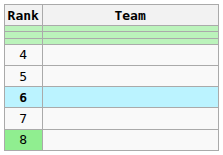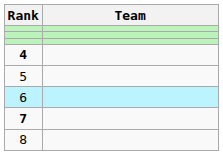 <table class="wikitable">
 <tr>
 <th>Rank</th>
 <th style="width:170px;">Team</th>
 </tr>
 <tr style="background:#bbf3bb;">
 <td align=center></td>
 <td></td>
 </tr>
 <tr style="background:#bbf3bb;">
 <td align=center></td>
 <td></td>
 </tr>
 <tr style="background:#bbf3bb;">
 <td align=center></td>
 <td></td>
 </tr>
 <tr>
-<td align=center>4</td>
+<td align=center><strong>4</strong></td>
 <td></td>
 </tr>
 <tr>
 <td align=center>5</td>
 <td></td>
 </tr>
 <tr style="background:#bbf3ff;">
-<td align=center><strong>6</strong></td>
+<td align=center>6</td>
 <td></td>
 </tr>
 <tr>
-<td align=center>7</td>
+<td align=center><strong>7</strong></td>
 <td></td>
 </tr>
 <tr>
-<td align=center style="background: lightgreen;">8</td>
+<td align=center>8</td>
 <td></td>
 </tr>
 </table>
